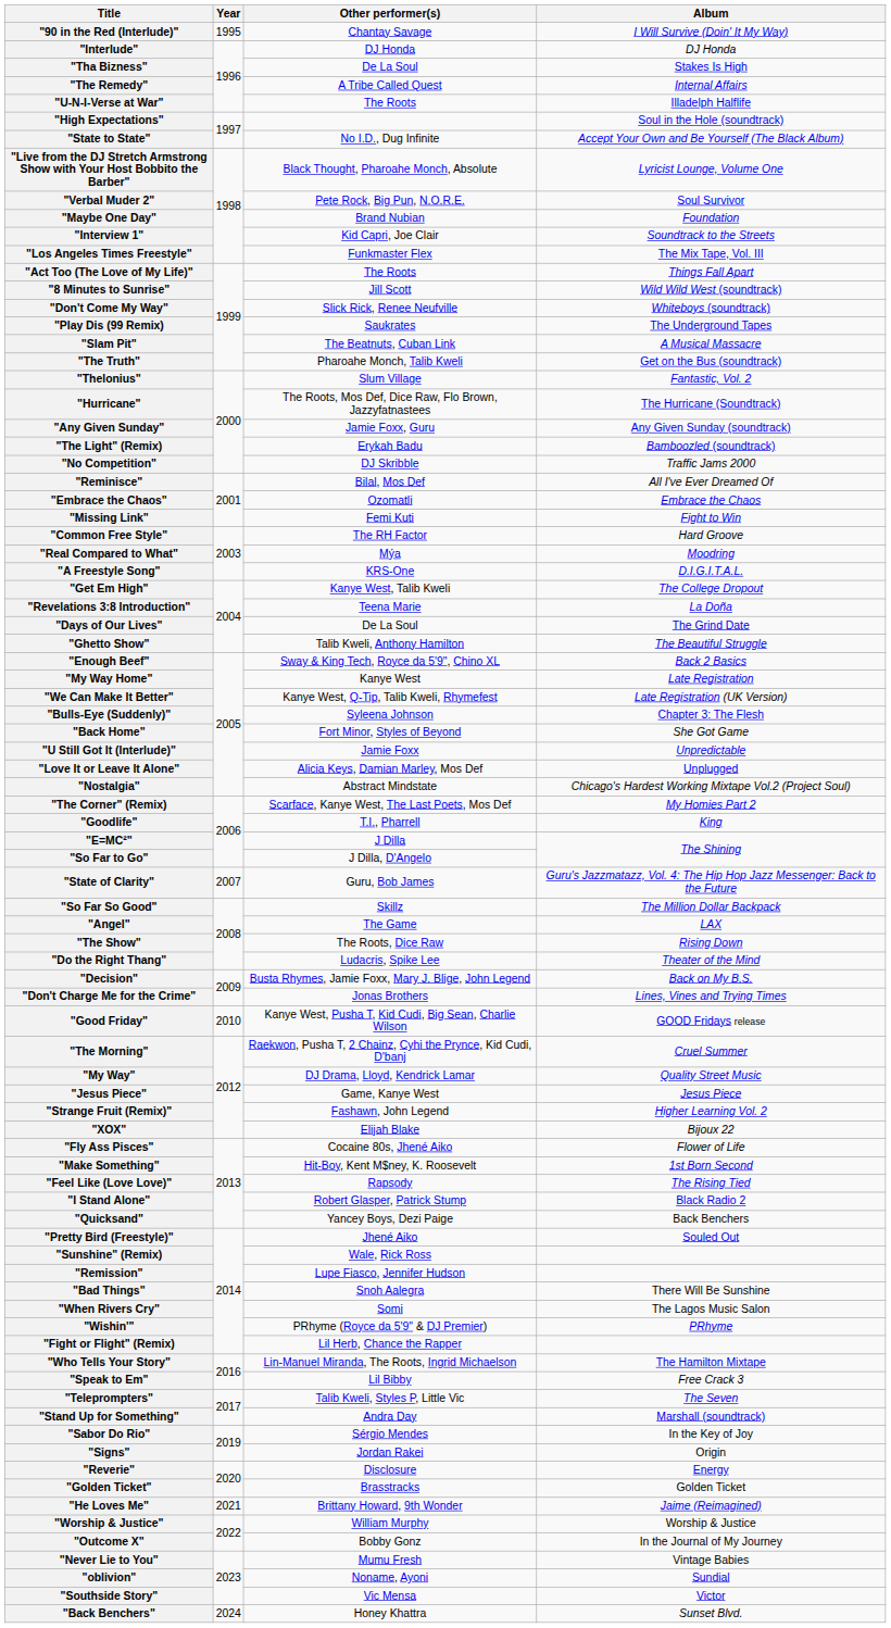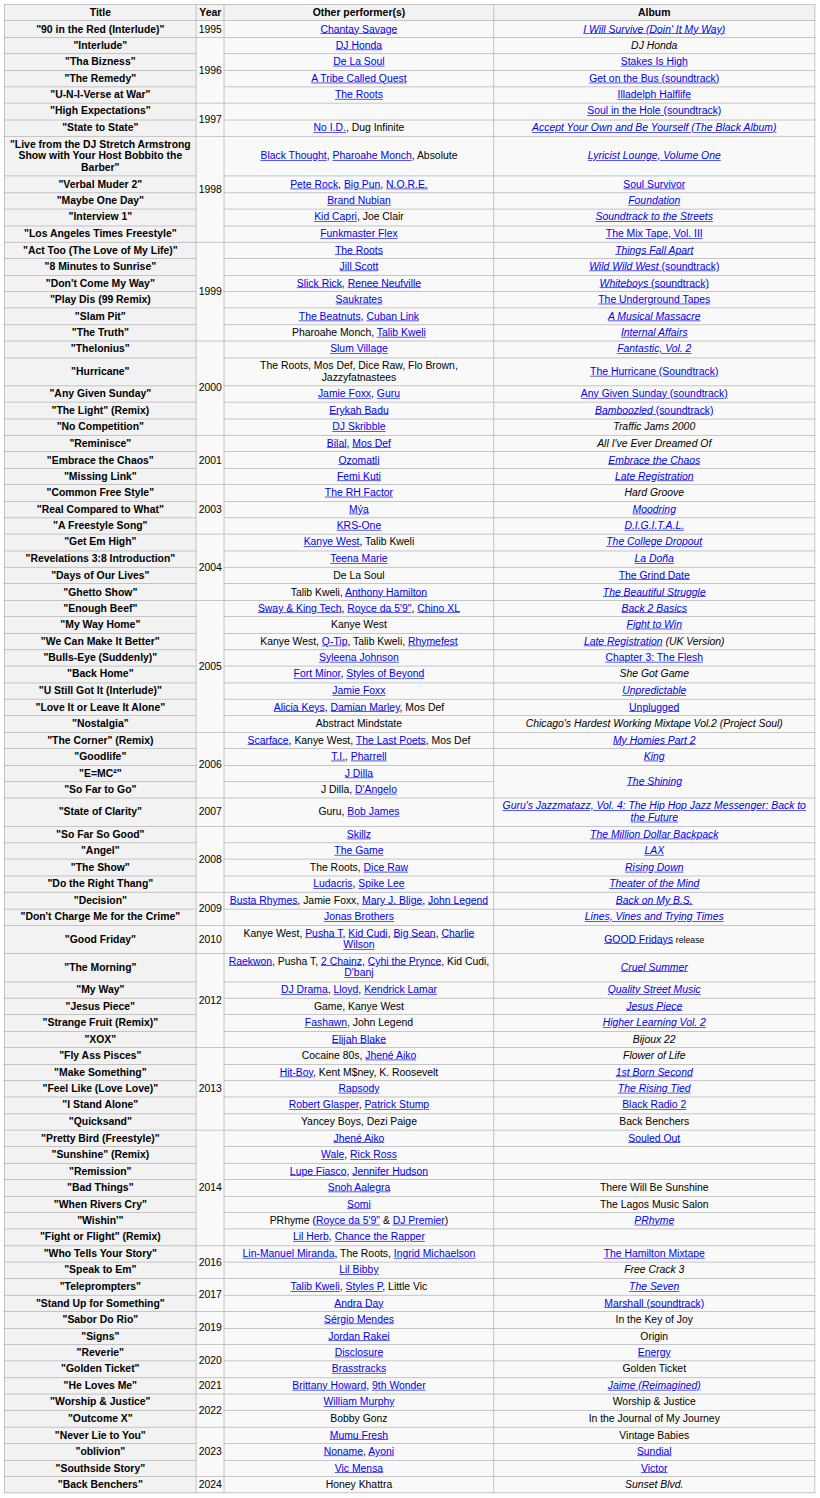 <table class="wikitable plainrowheaders" style="text-align:center;">
 <tr>
 <th scope="col" style="width:18em;">Title</th>
 <th scope="col">Year</th>
 <th scope="col">Other performer(s)</th>
 <th scope="col">Album</th>
 </tr>
 <tr>
 <th scope="row">"90 in the Red (Interlude)"</th>
 <td>1995</td>
 <td><a href='#'>Chantay Savage</a></td>
 <td><em><a href='#'>I Will Survive (Doin' It My Way)</a></em></td>
 </tr>
 <tr>
 <th scope="row">"Interlude"</th>
 <td rowspan="4">1996</td>
 <td><a href='#'>DJ Honda</a></td>
 <td><em>DJ Honda</em></td>
 </tr>
 <tr>
 <th>"Tha Bizness"</th>
 <td><a href='#'>De La Soul</a></td>
 <td><a href='#'>Stakes Is High</a></td>
 </tr>
 <tr>
 <th>"The Remedy"</th>
 <td><a href='#'>A Tribe Called Quest</a></td>
-<td><em><a href='#'>Internal Affairs</a></em></td>
+<td><a href='#'>Get on the Bus (soundtrack)</a></td>
 </tr>
 <tr>
 <th>"U-N-I-Verse at War"</th>
 <td><a href='#'>The Roots</a></td>
 <td><a href='#'>Illadelph Halflife</a></td>
 </tr>
 <tr>
 <th>"High Expectations"</th>
 <td rowspan="2">1997</td>
 <td></td>
 <td><a href='#'>Soul in the Hole (soundtrack)</a></td>
 </tr>
 <tr>
 <th scope="row">"State to State"</th>
 <td><a href='#'>No I.D.</a>, Dug Infinite</td>
 <td><em><a href='#'>Accept Your Own and Be Yourself (The Black Album)</a></em></td>
 </tr>
 <tr>
 <th scope="row">"Live from the DJ Stretch Armstrong Show with Your Host Bobbito the Barber"</th>
 <td rowspan="5">1998</td>
 <td><a href='#'>Black Thought</a>, <a href='#'>Pharoahe Monch</a>, Absolute</td>
 <td><em><a href='#'>Lyricist Lounge, Volume One</a></em></td>
 </tr>
 <tr>
 <th>"Verbal Muder 2"</th>
 <td><a href='#'>Pete Rock</a>, <a href='#'>Big Pun</a>, <a href='#'>N.O.R.E.</a></td>
 <td><a href='#'>Soul Survivor</a></td>
 </tr>
 <tr>
 <th scope="row">"Maybe One Day"</th>
 <td><a href='#'>Brand Nubian</a></td>
 <td><em><a href='#'>Foundation</a></em></td>
 </tr>
 <tr>
 <th scope="row">"Interview 1"</th>
 <td><a href='#'>Kid Capri</a>, Joe Clair</td>
 <td><em><a href='#'>Soundtrack to the Streets</a></em></td>
 </tr>
 <tr>
 <th>"Los Angeles Times Freestyle"</th>
 <td><a href='#'>Funkmaster Flex</a></td>
 <td><a href='#'>The Mix Tape, Vol. III</a></td>
 </tr>
 <tr>
 <th scope="row">"Act Too (The Love of My Life)"</th>
 <td rowspan="6">1999</td>
 <td><a href='#'>The Roots</a></td>
 <td><em><a href='#'>Things Fall Apart</a></em></td>
 </tr>
 <tr>
 <th scope="row">"8 Minutes to Sunrise"</th>
 <td><a href='#'>Jill Scott</a></td>
 <td><a href='#'><em>Wild Wild West</em> (soundtrack)</a></td>
 </tr>
 <tr>
 <th scope="row">"Don't Come My Way"</th>
 <td><a href='#'>Slick Rick</a>, <a href='#'>Renee Neufville</a></td>
 <td><a href='#'><em>Whiteboys</em> (soundtrack)</a></td>
 </tr>
 <tr>
 <th>"Play Dis (99 Remix)</th>
 <td><a href='#'>Saukrates</a></td>
 <td><a href='#'>The Underground Tapes</a></td>
 </tr>
 <tr>
 <th scope="row">"Slam Pit"</th>
 <td><a href='#'>The Beatnuts</a>, <a href='#'>Cuban Link</a></td>
 <td><em><a href='#'>A Musical Massacre</a></em></td>
 </tr>
 <tr>
 <th scope="row">"The Truth"</th>
 <td>Pharoahe Monch, <a href='#'>Talib Kweli</a></td>
-<td><a href='#'>Get on the Bus (soundtrack)</a></td>
+<td><em><a href='#'>Internal Affairs</a></em></td>
 </tr>
 <tr>
 <th scope="row">"Thelonius"</th>
 <td rowspan="5">2000</td>
 <td><a href='#'>Slum Village</a></td>
 <td><em><a href='#'>Fantastic, Vol. 2</a></em></td>
 </tr>
 <tr>
 <th>"Hurricane"</th>
 <td>The Roots, Mos Def, Dice Raw, Flo Brown, Jazzyfatnastees</td>
 <td><a href='#'>The Hurricane (Soundtrack)</a></td>
 </tr>
 <tr>
 <th>"Any Given Sunday"</th>
 <td><a href='#'>Jamie Foxx</a>, <a href='#'>Guru</a></td>
 <td><a href='#'>Any Given Sunday (soundtrack)</a></td>
 </tr>
 <tr>
 <th scope="row">"The Light" (Remix)</th>
 <td><a href='#'>Erykah Badu</a></td>
 <td><a href='#'><em>Bamboozled</em> (soundtrack)</a></td>
 </tr>
 <tr>
 <th scope="row">"No Competition"</th>
 <td><a href='#'>DJ Skribble</a></td>
 <td><em>Traffic Jams 2000</em></td>
 </tr>
 <tr>
 <th scope="row">"Reminisce"</th>
 <td rowspan="3">2001</td>
 <td><a href='#'>Bilal</a>, <a href='#'>Mos Def</a></td>
 <td><em>All I've Ever Dreamed Of</em></td>
 </tr>
 <tr>
 <th scope="row">"Embrace the Chaos"</th>
 <td><a href='#'>Ozomatli</a></td>
 <td><em><a href='#'>Embrace the Chaos</a></em></td>
 </tr>
 <tr>
 <th scope="row">"Missing Link"</th>
 <td><a href='#'>Femi Kuti</a></td>
-<td><em><a href='#'>Fight to Win</a></em></td>
+<td><em><a href='#'>Late Registration</a></em></td>
 </tr>
 <tr>
 <th scope="row">"Common Free Style"</th>
 <td rowspan="3">2003</td>
 <td><a href='#'>The RH Factor</a></td>
 <td><em>Hard Groove</em></td>
 </tr>
 <tr>
 <th scope="row">"Real Compared to What"</th>
 <td><a href='#'>Mýa</a></td>
 <td><em><a href='#'>Moodring</a></em></td>
 </tr>
 <tr>
 <th scope="row">"A Freestyle Song"</th>
 <td><a href='#'>KRS-One</a></td>
 <td><em><a href='#'>D.I.G.I.T.A.L.</a></em></td>
 </tr>
 <tr>
 <th scope="row">"Get Em High"</th>
 <td rowspan="4">2004</td>
 <td><a href='#'>Kanye West</a>, Talib Kweli</td>
 <td><em><a href='#'>The College Dropout</a></em></td>
 </tr>
 <tr>
 <th scope="row">"Revelations 3:8 Introduction"</th>
 <td><a href='#'>Teena Marie</a></td>
 <td><em><a href='#'>La Doña</a></em></td>
 </tr>
 <tr>
 <th>"Days of Our Lives"</th>
 <td>De La Soul</td>
 <td><a href='#'>The Grind Date</a></td>
 </tr>
 <tr>
 <th scope="row">"Ghetto Show"</th>
 <td>Talib Kweli, <a href='#'>Anthony Hamilton</a></td>
 <td><em><a href='#'>The Beautiful Struggle</a></em></td>
 </tr>
 <tr>
 <th scope="row">"Enough Beef"</th>
 <td rowspan="8">2005</td>
 <td><a href='#'>Sway & King Tech</a>, <a href='#'>Royce da 5'9"</a>, <a href='#'>Chino XL</a></td>
 <td><em><a href='#'>Back 2 Basics</a></em></td>
 </tr>
 <tr>
 <th scope="row">"My Way Home"</th>
 <td>Kanye West</td>
-<td><em><a href='#'>Late Registration</a></em></td>
+<td><em><a href='#'>Fight to Win</a></em></td>
 </tr>
 <tr>
 <th scope="row">"We Can Make It Better"</th>
 <td>Kanye West, <a href='#'>Q-Tip</a>, Talib Kweli, <a href='#'>Rhymefest</a></td>
 <td><em><a href='#'>Late Registration</a> (UK Version)</em></td>
 </tr>
 <tr>
 <th>"Bulls-Eye (Suddenly)"</th>
 <td><a href='#'>Syleena Johnson</a></td>
 <td><a href='#'>Chapter 3: The Flesh</a></td>
 </tr>
 <tr>
 <th scope="row">"Back Home"</th>
 <td><a href='#'>Fort Minor</a>, <a href='#'>Styles of Beyond</a></td>
 <td><em>She Got Game</em></td>
 </tr>
 <tr>
 <th scope="row">"U Still Got It (Interlude)"</th>
 <td><a href='#'>Jamie Foxx</a></td>
 <td><em><a href='#'>Unpredictable</a></em></td>
 </tr>
 <tr>
 <th>"Love It or Leave It Alone"</th>
 <td><a href='#'>Alicia Keys</a>, <a href='#'>Damian Marley</a>, Mos Def</td>
 <td><a href='#'>Unplugged</a></td>
 </tr>
 <tr>
 <th scope="row">"Nostalgia"</th>
 <td>Abstract Mindstate</td>
 <td><em>Chicago's Hardest Working Mixtape Vol.2 (Project Soul)</em></td>
 </tr>
 <tr>
 <th scope="row">"The Corner" (Remix)</th>
 <td rowspan="4">2006</td>
 <td><a href='#'>Scarface</a>, Kanye West, <a href='#'>The Last Poets</a>, Mos Def</td>
 <td><em><a href='#'>My Homies Part 2</a></em></td>
 </tr>
 <tr>
 <th scope="row">"Goodlife"</th>
 <td><a href='#'>T.I.</a>, <a href='#'>Pharrell</a></td>
 <td><em><a href='#'>King</a></em></td>
 </tr>
 <tr>
 <th scope="row">"E=MC²"</th>
 <td><a href='#'>J Dilla</a></td>
 <td rowspan="2"><em><a href='#'>The Shining</a></em></td>
 </tr>
 <tr>
 <th scope="row">"So Far to Go"</th>
 <td>J Dilla, <a href='#'>D'Angelo</a></td>
 </tr>
 <tr>
 <th>"State of Clarity"</th>
 <td>2007</td>
 <td>Guru, <a href='#'>Bob James</a></td>
 <td><em><a href='#'>Guru's Jazzmatazz, Vol. 4: The Hip Hop Jazz Messenger: Back to the Future</a></em></td>
 </tr>
 <tr>
 <th>"So Far So Good"</th>
 <td rowspan="4">2008</td>
 <td><a href='#'>Skillz</a></td>
 <td><em><a href='#'>The Million Dollar Backpack</a></em></td>
 </tr>
 <tr>
 <th scope="row">"Angel"</th>
 <td><a href='#'>The Game</a></td>
 <td><em><a href='#'>LAX</a></em></td>
 </tr>
 <tr>
 <th scope="row">"The Show"</th>
 <td>The Roots, <a href='#'>Dice Raw</a></td>
 <td><em><a href='#'>Rising Down</a></em></td>
 </tr>
 <tr>
 <th scope="row">"Do the Right Thang"</th>
 <td><a href='#'>Ludacris</a>, <a href='#'>Spike Lee</a></td>
 <td><em><a href='#'>Theater of the Mind</a></em></td>
 </tr>
 <tr>
 <th scope="row">"Decision"</th>
 <td rowspan="2">2009</td>
 <td><a href='#'>Busta Rhymes</a>, Jamie Foxx, <a href='#'>Mary J. Blige</a>, <a href='#'>John Legend</a></td>
 <td><em><a href='#'>Back on My B.S.</a></em></td>
 </tr>
 <tr>
 <th scope="row">"Don't Charge Me for the Crime"</th>
 <td><a href='#'>Jonas Brothers</a></td>
 <td><em><a href='#'>Lines, Vines and Trying Times</a></em></td>
 </tr>
 <tr>
 <th scope="row">"Good Friday"</th>
 <td>2010</td>
 <td>Kanye West, <a href='#'>Pusha T</a>, <a href='#'>Kid Cudi</a>, <a href='#'>Big Sean</a>, <a href='#'>Charlie Wilson</a></td>
 <td><a href='#'>GOOD Fridays</a> <small>release</small></td>
 </tr>
 <tr>
 <th scope="row">"The Morning"</th>
 <td rowspan="5">2012</td>
 <td><a href='#'>Raekwon</a>, Pusha T, <a href='#'>2 Chainz</a>, <a href='#'>Cyhi the Prynce</a>, Kid Cudi, <a href='#'>D'banj</a></td>
 <td><em><a href='#'>Cruel Summer</a></em></td>
 </tr>
 <tr>
 <th scope="row">"My Way"</th>
 <td><a href='#'>DJ Drama</a>, <a href='#'>Lloyd</a>, <a href='#'>Kendrick Lamar</a></td>
 <td><em><a href='#'>Quality Street Music</a></em></td>
 </tr>
 <tr>
 <th scope="row">"Jesus Piece"</th>
 <td>Game, Kanye West</td>
 <td><em><a href='#'>Jesus Piece</a></em></td>
 </tr>
 <tr>
 <th>"Strange Fruit (Remix)"</th>
 <td><a href='#'>Fashawn</a>, John Legend</td>
 <td><em><a href='#'>Higher Learning Vol. 2</a></em></td>
 </tr>
 <tr>
 <th scope="row">"XOX"</th>
 <td><a href='#'>Elijah Blake</a></td>
 <td><em>Bijoux 22</em></td>
 </tr>
 <tr>
 <th scope="row">"Fly Ass Pisces"</th>
 <td rowspan="5">2013</td>
 <td>Cocaine 80s, <a href='#'>Jhené Aiko</a></td>
 <td><em>Flower of Life</em></td>
 </tr>
 <tr>
 <th scope="row">"Make Something"</th>
 <td><a href='#'>Hit-Boy</a>, Kent M$ney, K. Roosevelt</td>
 <td><em><a href='#'>1st Born Second</a></em></td>
 </tr>
 <tr>
 <th scope="row">"Feel Like (Love Love)"</th>
 <td><a href='#'>Rapsody</a></td>
 <td><em><a href='#'>The Rising Tied</a></em></td>
 </tr>
 <tr>
 <th>"I Stand Alone"</th>
 <td><a href='#'>Robert Glasper</a>, <a href='#'>Patrick Stump</a></td>
 <td><a href='#'>Black Radio 2</a></td>
 </tr>
 <tr>
 <th scope="row">"Quicksand"</th>
 <td>Yancey Boys, Dezi Paige</td>
 <td>Back Benchers</td>
 </tr>
 <tr>
 <th>"Pretty Bird (Freestyle)"</th>
 <td rowspan="7">2014</td>
 <td><a href='#'>Jhené Aiko</a></td>
 <td><a href='#'>Souled Out</a></td>
 </tr>
 <tr>
 <th scope="row">"Sunshine" (Remix)</th>
 <td><a href='#'>Wale</a>, <a href='#'>Rick Ross</a></td>
 <td></td>
 </tr>
 <tr>
 <th>"Remission"</th>
 <td><a href='#'>Lupe Fiasco</a>, <a href='#'>Jennifer Hudson</a></td>
 <td></td>
 </tr>
 <tr>
 <th>"Bad Things"</th>
 <td><a href='#'>Snoh Aalegra</a></td>
 <td>There Will Be Sunshine</td>
 </tr>
 <tr>
 <th>"When Rivers Cry"</th>
 <td><a href='#'>Somi</a></td>
 <td>The Lagos Music Salon</td>
 </tr>
 <tr>
 <th scope="row">"Wishin'"</th>
 <td>PRhyme (<a href='#'>Royce da 5'9"</a> & <a href='#'>DJ Premier</a>)</td>
 <td><em><a href='#'>PRhyme</a></em></td>
 </tr>
 <tr>
 <th scope="row">"Fight or Flight" (Remix)</th>
 <td><a href='#'>Lil Herb</a>, <a href='#'>Chance the Rapper</a></td>
 <td></td>
 </tr>
 <tr>
 <th>"Who Tells Your Story"</th>
 <td rowspan="2">2016</td>
 <td><a href='#'>Lin-Manuel Miranda</a>, The Roots, <a href='#'>Ingrid Michaelson</a></td>
 <td><a href='#'>The Hamilton Mixtape</a></td>
 </tr>
 <tr>
 <th scope="row">"Speak to Em"</th>
 <td><a href='#'>Lil Bibby</a></td>
 <td><em>Free Crack 3</em></td>
 </tr>
 <tr>
 <th scope="row">"Teleprompters"</th>
 <td rowspan="2">2017</td>
 <td><a href='#'>Talib Kweli</a>, <a href='#'>Styles P</a>, Little Vic</td>
 <td><em><a href='#'>The Seven</a></em></td>
 </tr>
 <tr>
 <th>"Stand Up for Something"</th>
 <td><a href='#'>Andra Day</a></td>
 <td><a href='#'>Marshall (soundtrack)</a></td>
 </tr>
 <tr>
 <th>"Sabor Do Rio"</th>
 <td rowspan="2">2019</td>
 <td><a href='#'>Sérgio Mendes</a></td>
 <td>In the Key of Joy</td>
 </tr>
 <tr>
 <th>"Signs"</th>
 <td><a href='#'>Jordan Rakei</a></td>
 <td>Origin</td>
 </tr>
 <tr>
 <th>"Reverie"</th>
 <td rowspan="2">2020</td>
 <td><a href='#'>Disclosure</a></td>
 <td><a href='#'>Energy</a></td>
 </tr>
 <tr>
 <th>"Golden Ticket"</th>
 <td><a href='#'>Brasstracks</a></td>
 <td>Golden Ticket</td>
 </tr>
 <tr>
 <th scope="row">"He Loves Me"</th>
 <td>2021</td>
 <td><a href='#'>Brittany Howard</a>, <a href='#'>9th Wonder</a></td>
 <td><em><a href='#'>Jaime (Reimagined)</a></em></td>
 </tr>
 <tr>
 <th>"Worship & Justice"</th>
 <td rowspan="2">2022</td>
 <td><a href='#'>William Murphy</a></td>
 <td>Worship & Justice</td>
 </tr>
 <tr>
 <th>"Outcome X"</th>
 <td>Bobby Gonz</td>
 <td>In the Journal of My Journey</td>
 </tr>
 <tr>
 <th>"Never Lie to You"</th>
 <td rowspan="3">2023</td>
 <td><a href='#'>Mumu Fresh</a></td>
 <td>Vintage Babies</td>
 </tr>
 <tr>
 <th>"oblivion"</th>
 <td><a href='#'>Noname</a>, <a href='#'>Ayoni</a></td>
 <td><a href='#'>Sundial</a></td>
 </tr>
 <tr>
 <th>"Southside Story"</th>
 <td><a href='#'>Vic Mensa</a></td>
 <td><a href='#'>Victor</a></td>
 </tr>
 <tr>
 <th>"Back Benchers"</th>
 <td>2024</td>
 <td>Honey Khattra</td>
 <td><em>Sunset Blvd.</em></td>
 </tr>
 </table>
